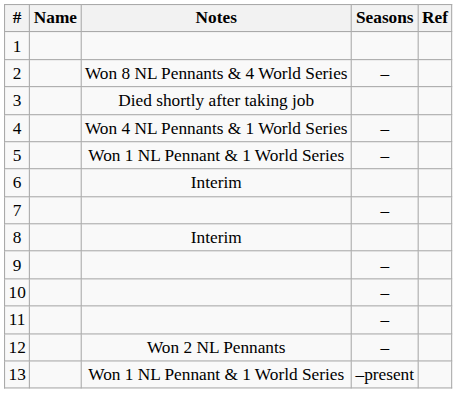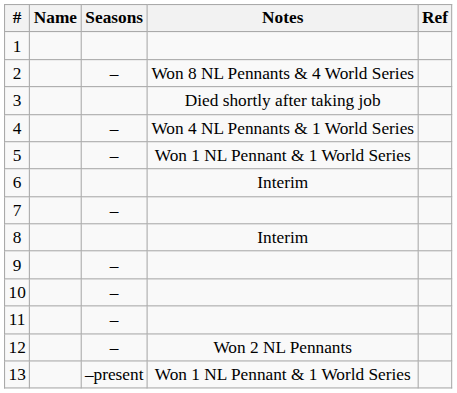 <table class="wikitable sortable" style="text-align:center">
 <tr>
 <th class="unsortable">#</th>
 <th>Name</th>
+<th>Seasons</th>
 <th class="unsortable">Notes</th>
-<th>Seasons</th>
 <th class="unsortable">Ref</th>
 </tr>
 <tr>
 <td>1</td>
 <td></td>
 <td></td>
 <td></td>
 <td></td>
 </tr>
 <tr>
 <td>2</td>
 <td></td>
+<td>–</td>
 <td>Won 8 NL Pennants & 4 World Series</td>
-<td>–</td>
 <td></td>
 </tr>
 <tr>
 <td>3</td>
 <td></td>
+<td></td>
 <td>Died shortly after taking job</td>
-<td></td>
 <td></td>
 </tr>
 <tr>
 <td>4</td>
 <td></td>
+<td>–</td>
 <td>Won 4 NL Pennants & 1 World Series</td>
-<td>–</td>
 <td></td>
 </tr>
 <tr>
 <td>5</td>
 <td></td>
+<td>–</td>
 <td>Won 1 NL Pennant & 1 World Series</td>
-<td>–</td>
 <td></td>
 </tr>
 <tr>
 <td>6</td>
 <td></td>
+<td></td>
 <td>Interim</td>
-<td></td>
 <td></td>
 </tr>
 <tr>
 <td>7</td>
 <td></td>
+<td>–</td>
 <td></td>
-<td>–</td>
 <td></td>
 </tr>
 <tr>
 <td>8</td>
 <td></td>
+<td></td>
 <td>Interim</td>
-<td></td>
 <td></td>
 </tr>
 <tr>
 <td>9</td>
 <td></td>
+<td>–</td>
 <td></td>
-<td>–</td>
 <td></td>
 </tr>
 <tr>
 <td>10</td>
 <td></td>
+<td>–</td>
 <td></td>
-<td>–</td>
 <td></td>
 </tr>
 <tr>
 <td>11</td>
 <td></td>
+<td>–</td>
 <td></td>
-<td>–</td>
 <td></td>
 </tr>
 <tr>
 <td>12</td>
 <td></td>
+<td>–</td>
 <td>Won 2 NL Pennants</td>
-<td>–</td>
 <td></td>
 </tr>
 <tr>
 <td>13</td>
 <td></td>
+<td>–present</td>
 <td>Won 1 NL Pennant & 1 World Series</td>
-<td>–present</td>
 <td></td>
 </tr>
 </table>
